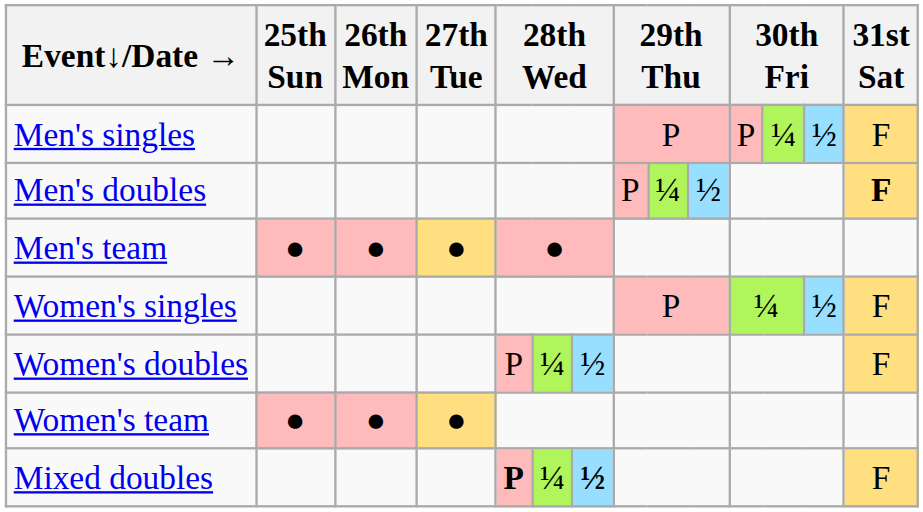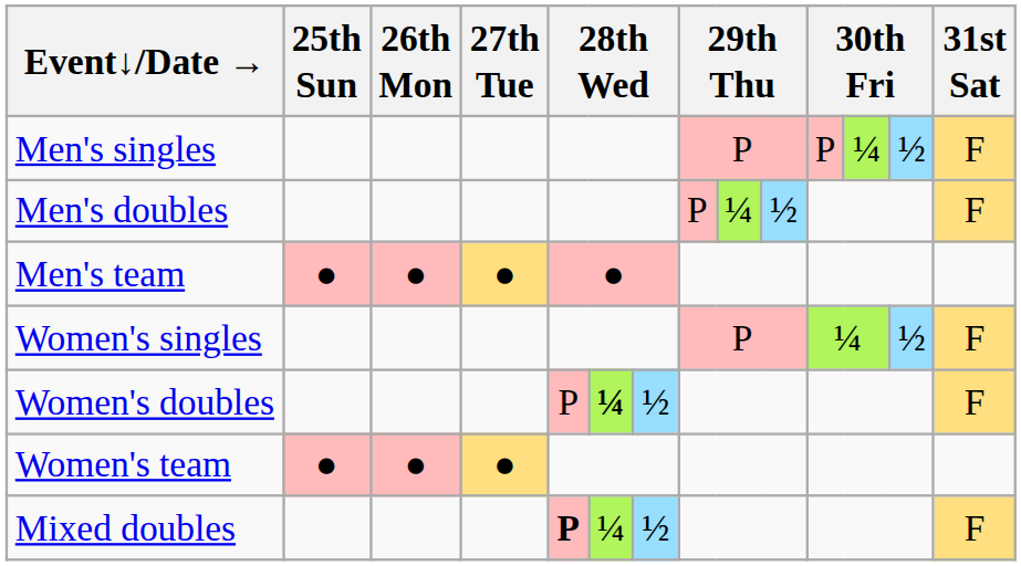 <table class="wikitable" style="margin:0.5em auto; font-size:90%; line-height:1.25em; text-align:center;">
 <tr>
 <th>Event↓/Date →</th>
 <th>25th<br>Sun</th>
 <th>26th<br>Mon</th>
 <th>27th<br>Tue</th>
 <th colspan=3>28th<br>Wed</th>
 <th colspan=3>29th<br>Thu</th>
 <th colspan=3>30th<br>Fri</th>
 <th>31st<br>Sat</th>
 </tr>
 <tr>
 <td align="left"><a href='#'>Men's singles</a></td>
 <td></td>
 <td></td>
 <td></td>
 <td colspan=3></td>
 <td colspan=3 bgcolor="#FFBBBB">P</td>
 <td bgcolor="#FFBBBB">P</td>
 <td bgcolor="#AFF55B">¼</td>
 <td bgcolor="#97DEFF">½</td>
 <td bgcolor="#FFDF80">F</td>
 </tr>
 <tr>
 <td align="left"><a href='#'>Men's doubles</a></td>
 <td></td>
 <td></td>
 <td></td>
 <td colspan=3></td>
 <td bgcolor="#FFBBBB">P</td>
 <td bgcolor="#AFF55B">¼</td>
 <td bgcolor="#97DEFF">½</td>
 <td colspan=3></td>
-<td bgcolor="#FFDF80"><strong>F</strong></td>
+<td bgcolor="#FFDF80">F</td>
 </tr>
 <tr>
 <td align="left"><a href='#'>Men's team</a></td>
 <td bgcolor="#FFBBBB">●</td>
 <td bgcolor="#FFBBBB">●</td>
 <td bgcolor="#FFDF80">●</td>
 <td colspan=3 bgcolor="#FFBBBB">●</td>
 <td colspan=3></td>
 <td colspan=3></td>
 <td></td>
 </tr>
 <tr>
 <td align="left"><a href='#'>Women's singles</a></td>
 <td></td>
 <td></td>
 <td></td>
 <td colspan=3></td>
 <td colspan=3 bgcolor="#FFBBBB">P</td>
 <td colspan=2 bgcolor="#AFF55B">¼</td>
 <td bgcolor="#97DEFF">½</td>
 <td bgcolor="#FFDF80">F</td>
 </tr>
 <tr>
 <td align="left"><a href='#'>Women's doubles</a></td>
 <td></td>
 <td></td>
 <td></td>
 <td bgcolor="#FFBBBB">P</td>
-<td bgcolor="#AFF55B">¼</td>
+<td bgcolor="#AFF55B"><strong>¼</strong></td>
 <td bgcolor="#97DEFF">½</td>
 <td colspan=3></td>
 <td colspan=3></td>
 <td bgcolor="#FFDF80">F</td>
 </tr>
 <tr>
 <td align="left"><a href='#'>Women's team</a></td>
 <td bgcolor="#FFBBBB">●</td>
 <td bgcolor="#FFBBBB">●</td>
 <td bgcolor="#FFDF80">●</td>
 <td colspan=3></td>
 <td colspan=3></td>
 <td colspan=3></td>
 <td></td>
 </tr>
 <tr>
 <td align="left"><a href='#'>Mixed doubles</a></td>
 <td></td>
 <td></td>
 <td></td>
 <td bgcolor="#FFBBBB"><strong>P</strong></td>
 <td bgcolor="#AFF55B">¼</td>
-<td bgcolor="#97DEFF"><strong>½</strong></td>
+<td bgcolor="#97DEFF">½</td>
 <td colspan=3></td>
 <td colspan=3></td>
 <td bgcolor="#FFDF80">F</td>
 </tr>
 </table>
